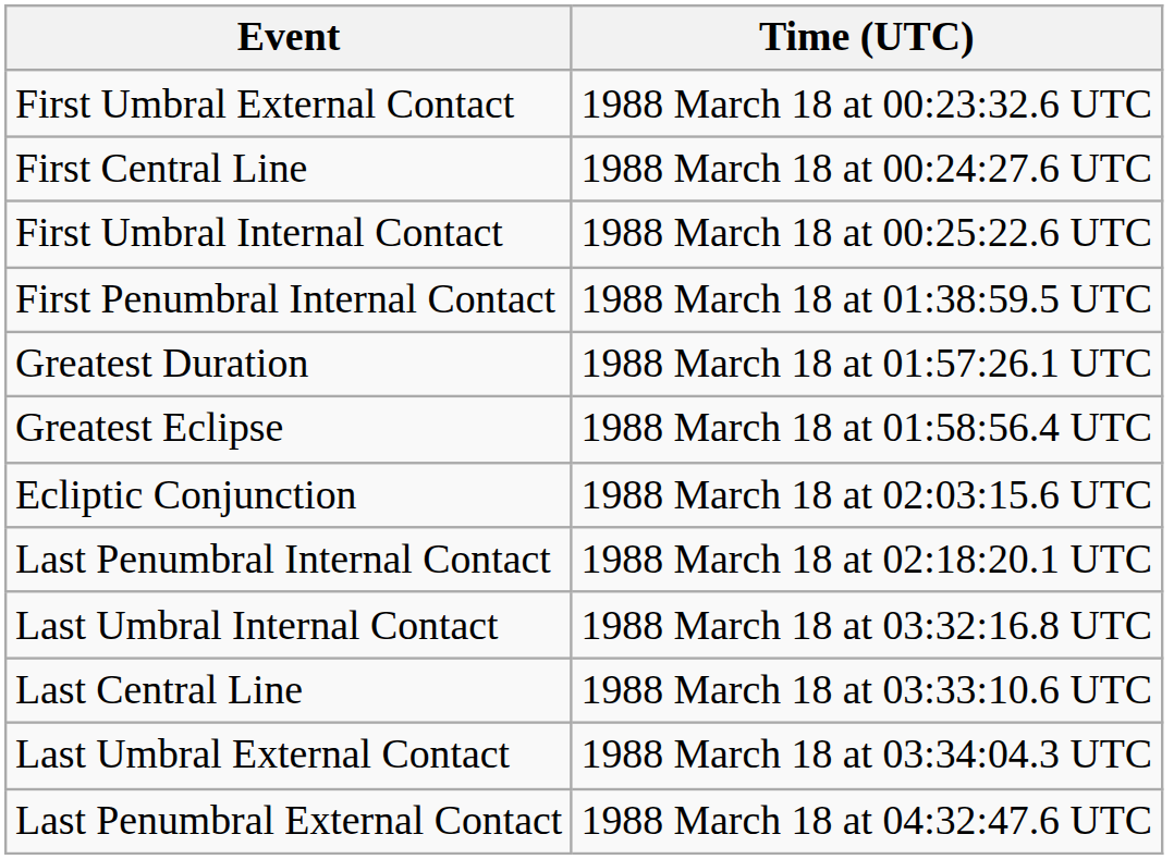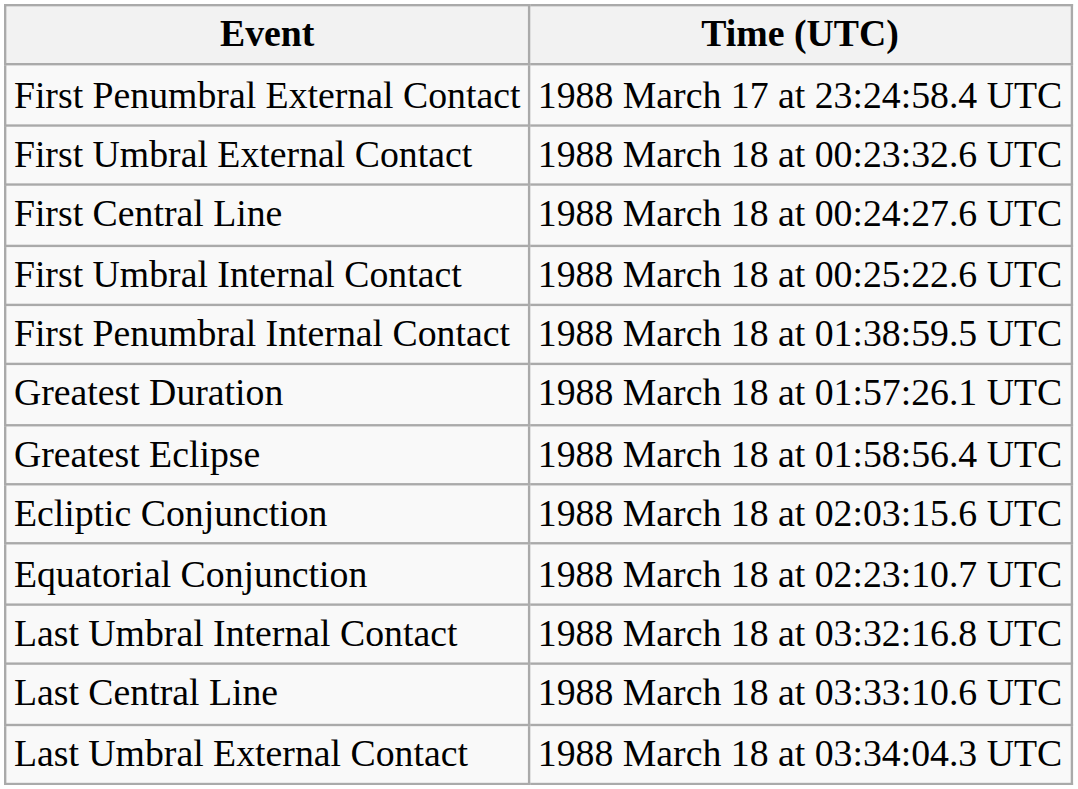 <table class="wikitable">
 <tr>
 <th>Event</th>
 <th>Time (UTC)</th>
+</tr>
+<tr>
+<td>First Penumbral External Contact</td>
+<td>1988 March 17 at 23:24:58.4 UTC</td>
 </tr>
 <tr>
 <td>First Umbral External Contact</td>
 <td>1988 March 18 at 00:23:32.6 UTC</td>
 </tr>
 <tr>
 <td>First Central Line</td>
 <td>1988 March 18 at 00:24:27.6 UTC</td>
 </tr>
 <tr>
 <td>First Umbral Internal Contact</td>
 <td>1988 March 18 at 00:25:22.6 UTC</td>
 </tr>
 <tr>
 <td>First Penumbral Internal Contact</td>
 <td>1988 March 18 at 01:38:59.5 UTC</td>
 </tr>
 <tr>
 <td>Greatest Duration</td>
 <td>1988 March 18 at 01:57:26.1 UTC</td>
 </tr>
 <tr>
 <td>Greatest Eclipse</td>
 <td>1988 March 18 at 01:58:56.4 UTC</td>
 </tr>
 <tr>
 <td>Ecliptic Conjunction</td>
 <td>1988 March 18 at 02:03:15.6 UTC</td>
 </tr>
 <tr>
-<td>Last Penumbral Internal Contact</td>
-<td>1988 March 18 at 02:18:20.1 UTC</td>
+<td>Equatorial Conjunction</td>
+<td>1988 March 18 at 02:23:10.7 UTC</td>
 </tr>
 <tr>
 <td>Last Umbral Internal Contact</td>
 <td>1988 March 18 at 03:32:16.8 UTC</td>
 </tr>
 <tr>
 <td>Last Central Line</td>
 <td>1988 March 18 at 03:33:10.6 UTC</td>
 </tr>
 <tr>
 <td>Last Umbral External Contact</td>
 <td>1988 March 18 at 03:34:04.3 UTC</td>
 </tr>
-<tr>
-<td>Last Penumbral External Contact</td>
-<td>1988 March 18 at 04:32:47.6 UTC</td>
-</tr>
 </table>
